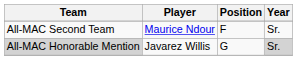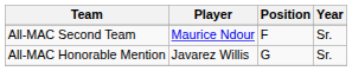 <table class="wikitable" border="1">
 <tr align=center>
 <th style= >Team</th>
 <th style= >Player</th>
 <th style= >Position</th>
 <th style= >Year</th>
 </tr>
 <tr align="center">
 </tr>
 <tr>
 <td>All-MAC Second Team</td>
 <td><a href='#'>Maurice Ndour</a></td>
 <td>F</td>
 <td>Sr.</td>
 </tr>
 <tr>
-<td style="background: lightgrey;">All-MAC Honorable Mention</td>
+<td>All-MAC Honorable Mention</td>
 <td>Javarez Willis</td>
 <td>G</td>
-<td style="background: lightgrey;">Sr.</td>
+<td>Sr.</td>
 </tr>
 <tr>
 </tr>
 </table>
